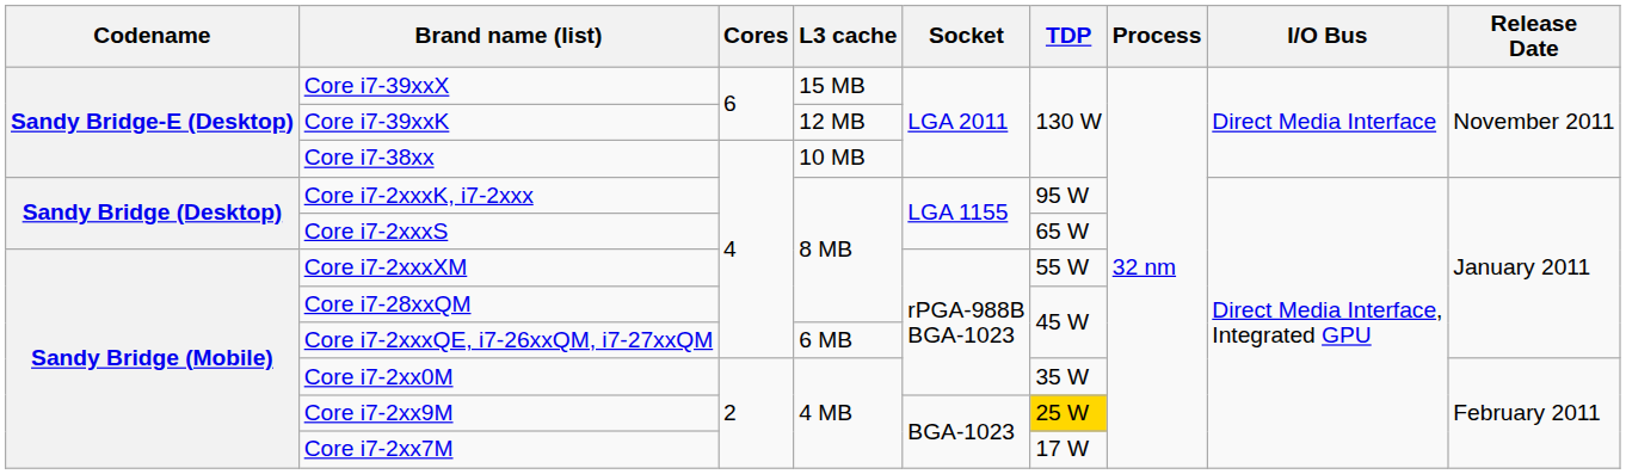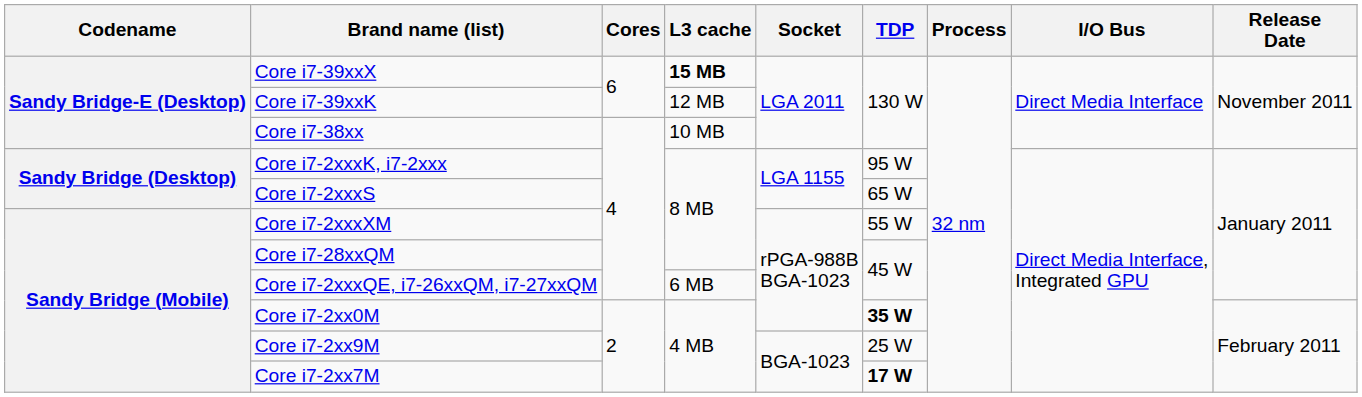 <table class="wikitable">
 <tr>
 <th>Codename</th>
 <th>Brand name (list)</th>
 <th>Cores</th>
 <th>L3 cache</th>
 <th>Socket</th>
 <th><a href='#'>TDP</a></th>
 <th>Process</th>
 <th>I/O Bus</th>
 <th>Release<br>Date</th>
 </tr>
 <tr>
 <th rowspan="3"><a href='#'>Sandy Bridge-E (Desktop)</a></th>
 <td><a href='#'>Core i7-39xxX</a></td>
 <td rowspan="2">6</td>
-<td>15 MB</td>
+<td><strong>15 MB</strong></td>
 <td rowspan="3"><a href='#'>LGA 2011</a></td>
 <td rowspan="3">130 W</td>
 <td rowspan="11"><a href='#'>32 nm</a></td>
 <td rowspan="3"><a href='#'>Direct Media Interface</a></td>
 <td rowspan="3">November 2011</td>
 </tr>
 <tr>
 <td><a href='#'>Core i7-39xxK</a></td>
 <td>12 MB</td>
 </tr>
 <tr>
 <td><a href='#'>Core i7-38xx</a></td>
 <td rowspan="6">4</td>
 <td>10 MB</td>
 </tr>
 <tr>
 <th rowspan="2"><a href='#'>Sandy Bridge (Desktop)</a></th>
 <td><a href='#'>Core i7-2xxxK, i7-2xxx</a></td>
 <td rowspan="4">8 MB</td>
 <td rowspan="2"><a href='#'>LGA 1155</a></td>
 <td>95 W</td>
 <td rowspan="8"><a href='#'>Direct Media Interface</a>,<br>Integrated <a href='#'>GPU</a></td>
 <td rowspan="5">January 2011</td>
 </tr>
 <tr>
 <td><a href='#'>Core i7-2xxxS</a></td>
 <td>65 W</td>
 </tr>
 <tr>
 <th rowspan="6"><a href='#'>Sandy Bridge (Mobile)</a></th>
 <td><a href='#'>Core i7-2xxxXM</a></td>
 <td rowspan="4">rPGA-988B<br>BGA-1023</td>
 <td>55 W</td>
 </tr>
 <tr>
 <td><a href='#'>Core i7-28xxQM</a></td>
 <td rowspan="2">45 W</td>
 </tr>
 <tr>
 <td><a href='#'>Core i7-2xxxQE, i7-26xxQM, i7-27xxQM</a></td>
 <td>6 MB</td>
 </tr>
 <tr>
 <td><a href='#'>Core i7-2xx0M</a></td>
 <td rowspan="3">2</td>
 <td rowspan="3">4 MB</td>
-<td>35 W</td>
+<td><strong>35 W</strong></td>
 <td rowspan="3">February 2011</td>
 </tr>
 <tr>
 <td><a href='#'>Core i7-2xx9M</a></td>
 <td rowspan="2">BGA-1023</td>
-<td style="background: gold;">25 W</td>
+<td>25 W</td>
 </tr>
 <tr>
 <td><a href='#'>Core i7-2xx7M</a></td>
-<td>17 W</td>
+<td><strong>17 W</strong></td>
 </tr>
 </table>
